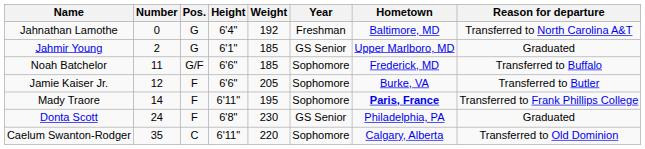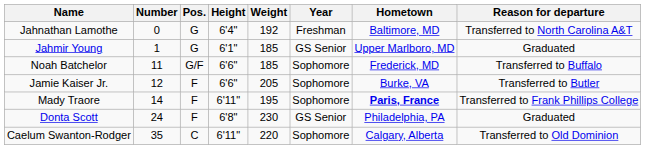 <table class="wikitable sortable sortable" style="text-align:center">
 <tr align=center>
 <th>Name</th>
 <th>Number</th>
 <th>Pos.</th>
 <th>Height</th>
 <th>Weight</th>
 <th>Year</th>
 <th>Hometown</th>
 <th class="unsortable">Reason for departure</th>
 </tr>
 <tr>
 <td>Jahnathan Lamothe</td>
 <td>0</td>
 <td>G</td>
 <td>6'4"</td>
 <td>192</td>
 <td>Freshman</td>
 <td><a href='#'>Baltimore, MD</a></td>
 <td>Transferred to <a href='#'>North Carolina A&T</a></td>
 </tr>
 <tr>
 <td><a href='#'>Jahmir Young</a></td>
-<td>2</td>
+<td>1</td>
 <td>G</td>
 <td>6'1"</td>
 <td>185</td>
 <td>GS Senior</td>
 <td><a href='#'>Upper Marlboro, MD</a></td>
 <td>Graduated</td>
 </tr>
 <tr>
 <td>Noah Batchelor</td>
 <td>11</td>
 <td>G/F</td>
 <td>6'6"</td>
 <td>185</td>
 <td>Sophomore</td>
 <td><a href='#'>Frederick, MD</a></td>
 <td>Transferred to <a href='#'>Buffalo</a></td>
 </tr>
 <tr>
 <td>Jamie Kaiser Jr.</td>
 <td>12</td>
 <td>F</td>
 <td>6'6"</td>
 <td>205</td>
 <td>Sophomore</td>
 <td><a href='#'>Burke, VA</a></td>
 <td>Transferred to <a href='#'>Butler</a></td>
 </tr>
 <tr>
 <td>Mady Traore</td>
 <td>14</td>
 <td>F</td>
 <td>6'11"</td>
 <td>195</td>
 <td>Sophomore</td>
 <td><strong><a href='#'>Paris, France</a></strong></td>
 <td>Transferred to <a href='#'>Frank Phillips College</a></td>
 </tr>
 <tr>
 <td><a href='#'>Donta Scott</a></td>
 <td>24</td>
 <td>F</td>
 <td>6'8"</td>
 <td>230</td>
 <td>GS Senior</td>
 <td><a href='#'>Philadelphia, PA</a></td>
 <td>Graduated</td>
 </tr>
 <tr>
 <td>Caelum Swanton-Rodger</td>
 <td>35</td>
 <td>C</td>
 <td>6'11"</td>
 <td>220</td>
 <td>Sophomore</td>
 <td><a href='#'>Calgary, Alberta</a></td>
 <td>Transferred to <a href='#'>Old Dominion</a></td>
 </tr>
 </table>
